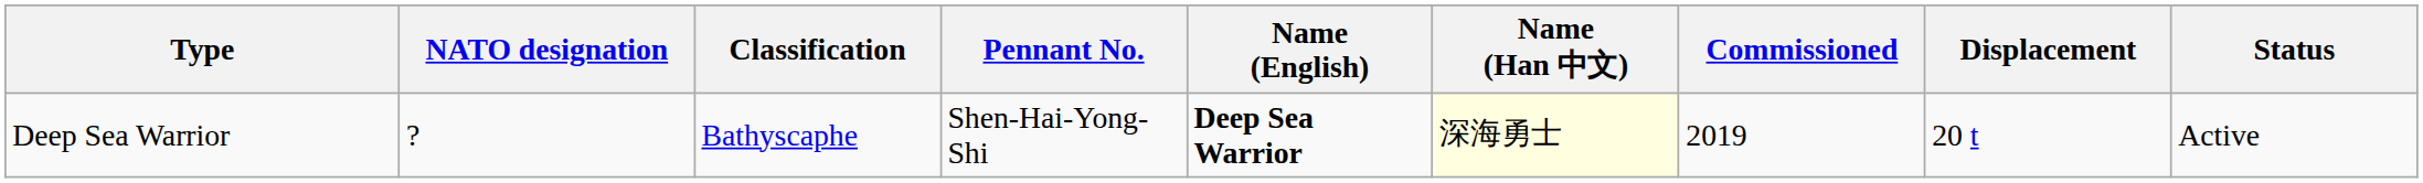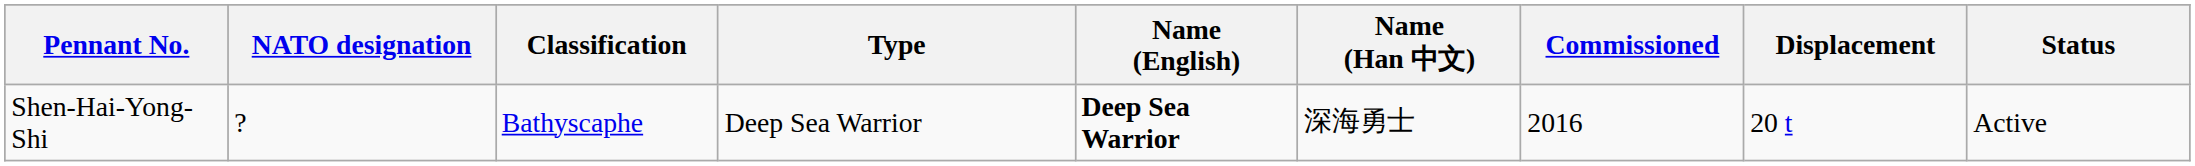 <table class="wikitable sortable"  style="margin:auto; width:100%;">
 <tr>
-<th style="text-align:center; width:16%;">Type</th>
+<th style="text-align:center; width:10%;"><a href='#'>Pennant No.</a></th>
 <th style="text-align:center; width:12%;"><a href='#'>NATO designation</a></th>
 <th style="text-align:center; width:10%;">Classification</th>
-<th style="text-align:center; width:10%;"><a href='#'>Pennant No.</a></th>
+<th style="text-align:center; width:16%;">Type</th>
 <th style="text-align:center; width:10%;">Name<br>(English)</th>
 <th style="text-align:center; width:10%;">Name<br>(Han 中文)</th>
 <th style="text-align:center; width:10%;"><a href='#'>Commissioned</a></th>
 <th style="text-align:center; width:10%;">Displacement</th>
 <th style="text-align:center; width:10%;">Status</th>
 </tr>
 <tr>
-<td>Deep Sea Warrior</td>
+<td>Shen-Hai-Yong-Shi</td>
 <td>?</td>
 <td><a href='#'>Bathyscaphe</a></td>
-<td>Shen-Hai-Yong-Shi</td>
+<td>Deep Sea Warrior</td>
 <td><strong>Deep Sea Warrior</strong></td>
-<td style="background: lightyellow;">深海勇士</td>
-<td>2019</td>
+<td>深海勇士</td>
+<td>2016</td>
 <td>20 <a href='#'>t</a></td>
 <td><span>Active</span></td>
 </tr>
 </table>
